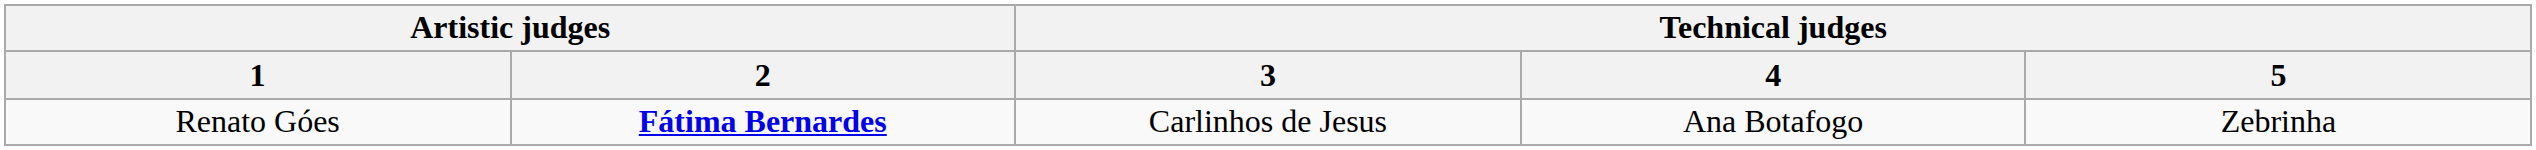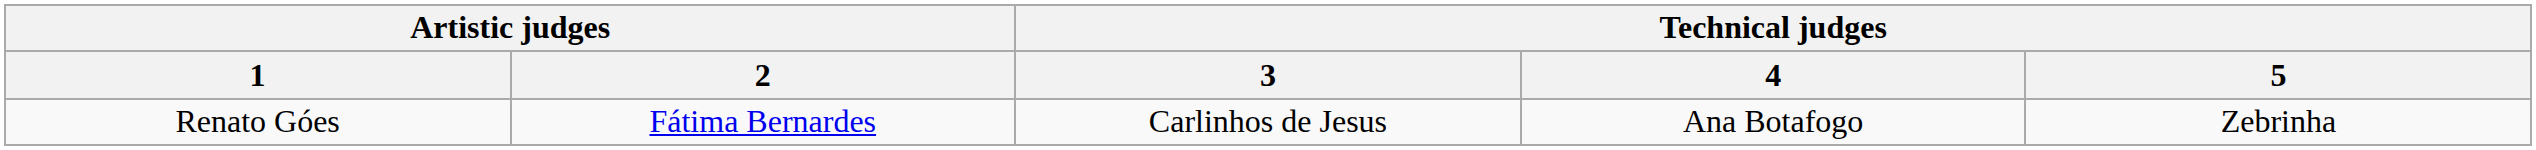 <table class="wikitable" style="font-size:100%; line-height:16px; text-align:center" width="100%">
 <tr>
 <th colspan=2>Artistic judges</th>
 <th colspan=3>Technical judges</th>
 </tr>
 <tr>
 <th width="20.0%">1</th>
 <th width="20.0%">2</th>
 <th width="20.0%">3</th>
 <th width="20.0%">4</th>
 <th width="20.0%">5</th>
 </tr>
 <tr>
 <td>Renato Góes</td>
-<td><strong><a href='#'>Fátima Bernardes</a></strong></td>
+<td><a href='#'>Fátima Bernardes</a></td>
 <td>Carlinhos de Jesus</td>
 <td>Ana Botafogo</td>
 <td>Zebrinha</td>
 </tr>
 <tr>
 </tr>
 </table>
